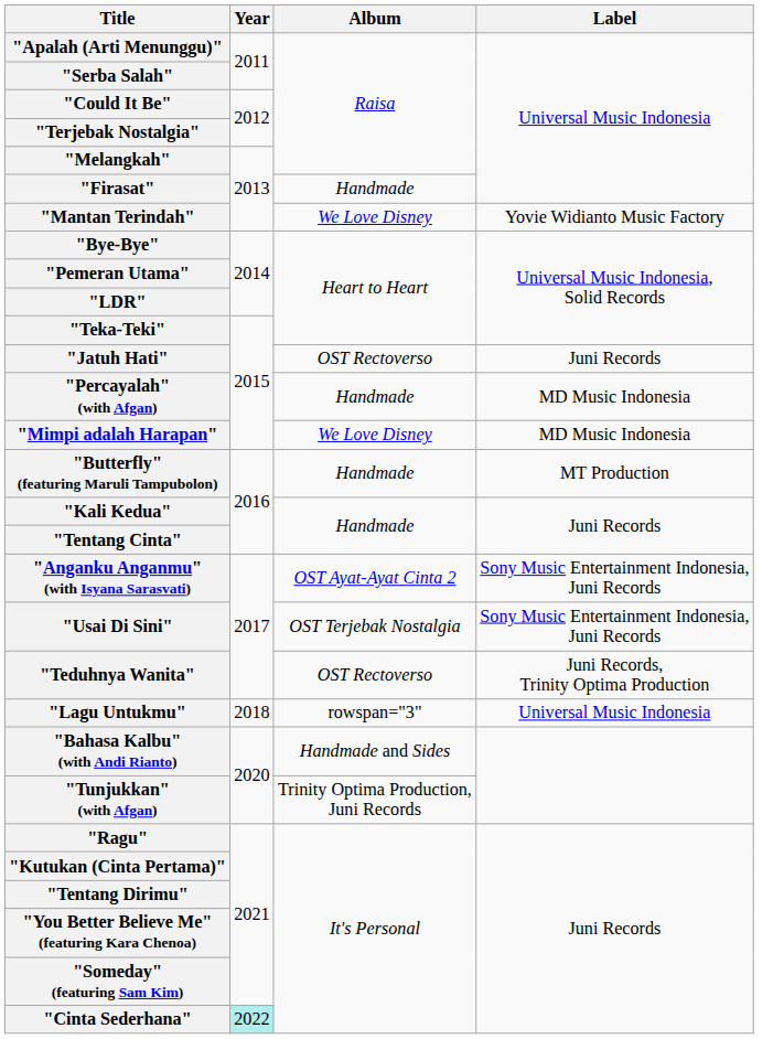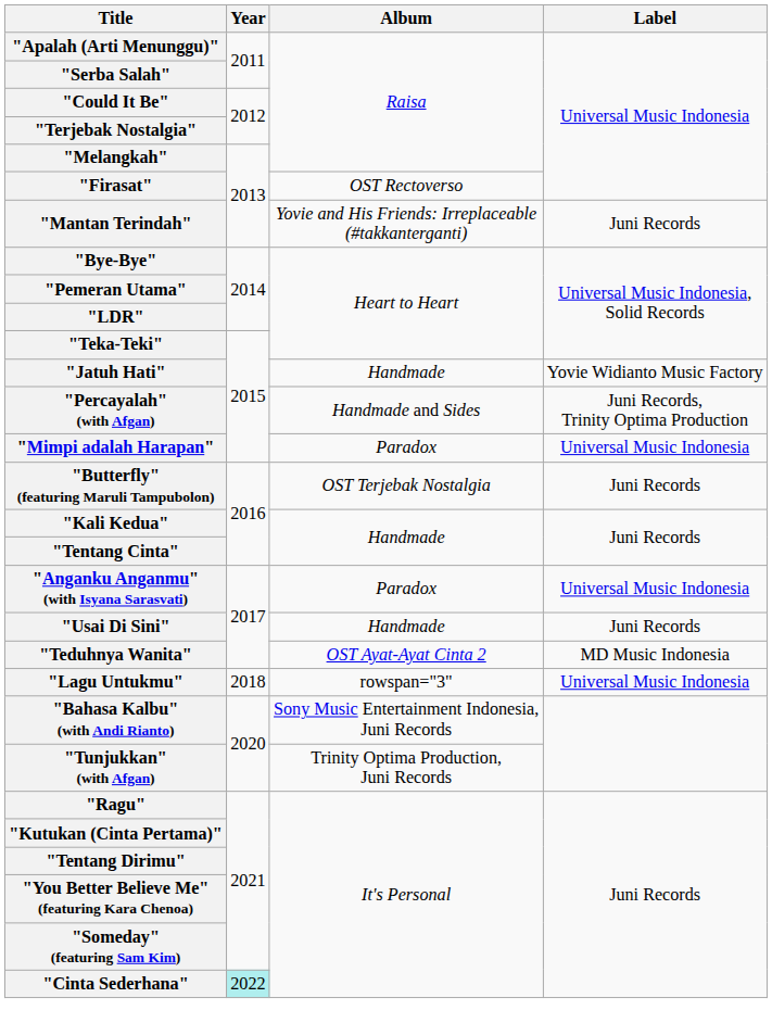 <table class="wikitable plainrowheaders" style="text-align:center;">
 <tr>
 <th scope="col">Title</th>
 <th scope="col">Year</th>
 <th scope="col">Album</th>
 <th scope="col">Label</th>
 </tr>
 <tr>
 <th scope="row">"Apalah (Arti Menunggu)"</th>
 <td rowspan="2">2011</td>
 <td rowspan="5"><em><a href='#'>Raisa</a></em></td>
 <td rowspan="6"><a href='#'>Universal Music Indonesia</a></td>
 </tr>
 <tr>
 <th scope="row">"Serba Salah"</th>
 </tr>
 <tr>
 <th scope="row">"Could It Be"</th>
 <td rowspan="2">2012</td>
 </tr>
 <tr>
 <th scope="row">"Terjebak Nostalgia"</th>
 </tr>
 <tr>
 <th scope="row">"Melangkah"</th>
 <td rowspan="3">2013</td>
 </tr>
 <tr>
 <th scope="row">"Firasat"</th>
-<td rowspan= "1"><em>Handmade</em></td>
+<td><em>OST Rectoverso</em></td>
 </tr>
 <tr>
 <th scope="row">"Mantan Terindah"</th>
-<td><em><a href='#'>We Love Disney</a></em></td>
-<td>Yovie Widianto Music Factory</td>
+<td><em>Yovie and His Friends: Irreplaceable <br>(#takkanterganti)</em></td>
+<td>Juni Records</td>
 </tr>
 <tr>
 <th scope="row">"Bye-Bye"</th>
 <td rowspan="3">2014</td>
 <td rowspan="4"><em>Heart to Heart</em></td>
 <td rowspan="4"><a href='#'>Universal Music Indonesia</a>, <br>Solid Records</td>
 </tr>
 <tr>
 <th scope="row">"Pemeran Utama"</th>
 </tr>
 <tr>
 <th scope="row">"LDR"</th>
 </tr>
 <tr>
 <th scope="row">"Teka-Teki"</th>
 <td rowspan="4">2015</td>
 </tr>
 <tr>
 <th scope="row">"Jatuh Hati"</th>
-<td><em>OST Rectoverso</em></td>
-<td>Juni Records</td>
+<td rowspan= "1"><em>Handmade</em></td>
+<td>Yovie Widianto Music Factory</td>
 </tr>
 <tr>
 <th scope="row">"Percayalah" <br><small>(with <a href='#'>Afgan</a>)</small></th>
-<td><em>Handmade</em></td>
-<td>MD Music Indonesia</td>
+<td><em>Handmade</em> and <em>Sides</em></td>
+<td>Juni Records, <br>Trinity Optima Production</td>
 </tr>
 <tr>
 <th scope="row">"<a href='#'>Mimpi adalah Harapan</a>"</th>
-<td><em><a href='#'>We Love Disney</a></em></td>
-<td>MD Music Indonesia</td>
+<td><em>Paradox</em></td>
+<td><a href='#'>Universal Music Indonesia</a></td>
 </tr>
 <tr>
 <th scope="row">"Butterfly" <br><small>(featuring Maruli Tampubolon)</small></th>
 <td rowspan="3">2016</td>
-<td><em>Handmade</em></td>
-<td>MT Production</td>
+<td><em>OST Terjebak Nostalgia</em></td>
+<td>Juni Records</td>
 </tr>
 <tr>
 <th scope="row">"Kali Kedua"</th>
 <td rowspan="2"><em>Handmade</em></td>
 <td rowspan="2">Juni Records</td>
 </tr>
 <tr>
 <th scope="row">"Tentang Cinta"</th>
 </tr>
 <tr>
 <th scope="row">"<a href='#'>Anganku Anganmu</a>" <br><small>(with <a href='#'>Isyana Sarasvati</a>)</small></th>
 <td rowspan="3">2017</td>
-<td><em><a href='#'>OST Ayat-Ayat Cinta 2</a></em></td>
-<td><a href='#'>Sony Music</a> Entertainment Indonesia, <br>Juni Records</td>
+<td><em>Paradox</em></td>
+<td><a href='#'>Universal Music Indonesia</a></td>
 </tr>
 <tr>
 <th scope="row">"Usai Di Sini"</th>
-<td><em>OST Terjebak Nostalgia</em></td>
-<td><a href='#'>Sony Music</a> Entertainment Indonesia, <br>Juni Records</td>
+<td><em>Handmade</em></td>
+<td>Juni Records</td>
 </tr>
 <tr>
 <th scope="row">"Teduhnya Wanita"</th>
-<td><em>OST Rectoverso</em></td>
-<td>Juni Records, <br>Trinity Optima Production</td>
+<td><em><a href='#'>OST Ayat-Ayat Cinta 2</a></em></td>
+<td>MD Music Indonesia</td>
 </tr>
 <tr>
 <th scope="row">"Lagu Untukmu"</th>
 <td rowspan="1">2018</td>
 <td>rowspan="3" </td>
 <td><a href='#'>Universal Music Indonesia</a></td>
 </tr>
 <tr>
 <th scope="row">"Bahasa Kalbu" <br><small>(with <a href='#'>Andi Rianto</a>)</small></th>
 <td rowspan="2">2020</td>
-<td><em>Handmade</em> and <em>Sides</em></td>
+<td><a href='#'>Sony Music</a> Entertainment Indonesia, <br>Juni Records</td>
 </tr>
 <tr>
 <th scope="row">"Tunjukkan" <br><small>(with <a href='#'>Afgan</a>)</small></th>
 <td>Trinity Optima Production, <br>Juni Records</td>
 </tr>
 <tr>
 <th scope="row">"Ragu"</th>
 <td rowspan="5">2021</td>
 <td rowspan="6"><em>It's Personal</em></td>
 <td rowspan="6">Juni Records</td>
 </tr>
 <tr>
 <th scope="row">"Kutukan (Cinta Pertama)"</th>
 </tr>
 <tr>
 <th scope="row">"Tentang Dirimu"</th>
 </tr>
 <tr>
 <th scope="row">"You Better Believe Me" <br><small>(featuring Kara Chenoa)</small></th>
 </tr>
 <tr>
 <th scope="row">"Someday" <br><small>(featuring <a href='#'>Sam Kim</a>)</small></th>
 </tr>
 <tr>
 <th scope="row">"Cinta Sederhana"</th>
 <td style="background: paleturquoise;">2022</td>
 </tr>
 </table>
